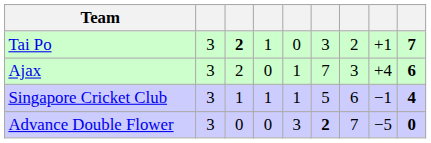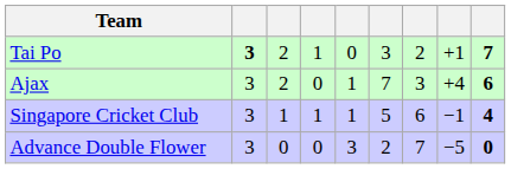 <table class="wikitable" style="text-align:center;">
 <tr>
 <th width=175>Team</th>
 <th width=20></th>
 <th width=20></th>
 <th width=20></th>
 <th width=20></th>
 <th width=20></th>
 <th width=20></th>
 <th width=20></th>
 <th width=20></th>
 </tr>
 <tr bgcolor="#ccffcc">
 <td align="left"><a href='#'>Tai Po</a></td>
-<td>3</td>
-<td><strong>2</strong></td>
+<td><strong>3</strong></td>
+<td>2</td>
 <td>1</td>
 <td>0</td>
 <td>3</td>
 <td>2</td>
 <td>+1</td>
 <td><strong>7</strong></td>
 </tr>
 <tr bgcolor="#ccffcc">
 <td align="left"><a href='#'>Ajax</a></td>
 <td>3</td>
 <td>2</td>
 <td>0</td>
 <td>1</td>
 <td>7</td>
 <td>3</td>
 <td>+4</td>
 <td><strong>6</strong></td>
 </tr>
 <tr bgcolor="#ccccff">
 <td align="left"><a href='#'>Singapore Cricket Club</a></td>
 <td>3</td>
 <td>1</td>
 <td>1</td>
 <td>1</td>
 <td>5</td>
 <td>6</td>
 <td>−1</td>
 <td><strong>4</strong></td>
 </tr>
 <tr bgcolor="#ccccff">
 <td align="left"><a href='#'>Advance Double Flower</a></td>
 <td>3</td>
 <td>0</td>
 <td>0</td>
 <td>3</td>
-<td><strong>2</strong></td>
+<td>2</td>
 <td>7</td>
 <td>−5</td>
 <td><strong>0</strong></td>
 </tr>
 </table>
